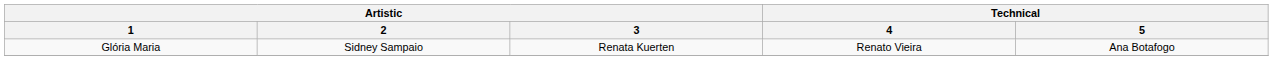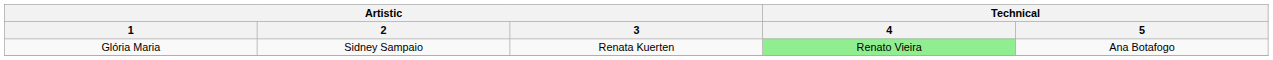 <table class="wikitable" style="font-size:90%; line-height:16px; text-align:center" width="85%">
 <tr>
 <th colspan=3>Artistic</th>
 <th colspan=2>Technical</th>
 </tr>
 <tr>
 <th>1</th>
 <th>2</th>
 <th>3</th>
 <th>4</th>
 <th>5</th>
 </tr>
 <tr>
 <td width=150>Glória Maria</td>
 <td width=150>Sidney Sampaio</td>
 <td width=150>Renata Kuerten</td>
-<td width=150>Renato Vieira</td>
+<td width=150 style="background: lightgreen;">Renato Vieira</td>
 <td width=150>Ana Botafogo</td>
 </tr>
 <tr>
 </tr>
 </table>
